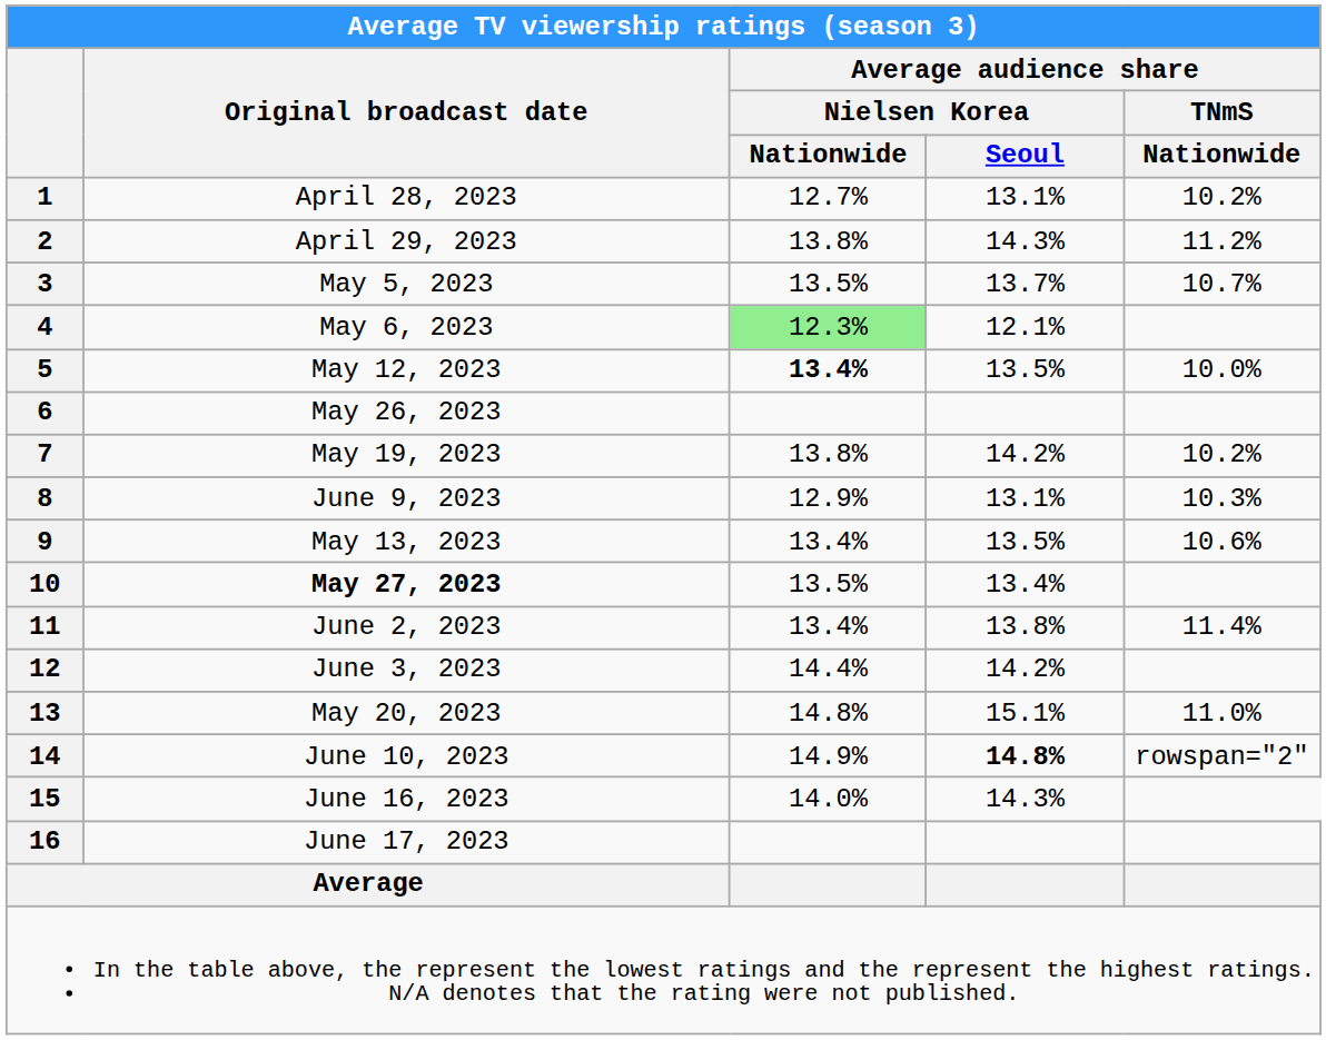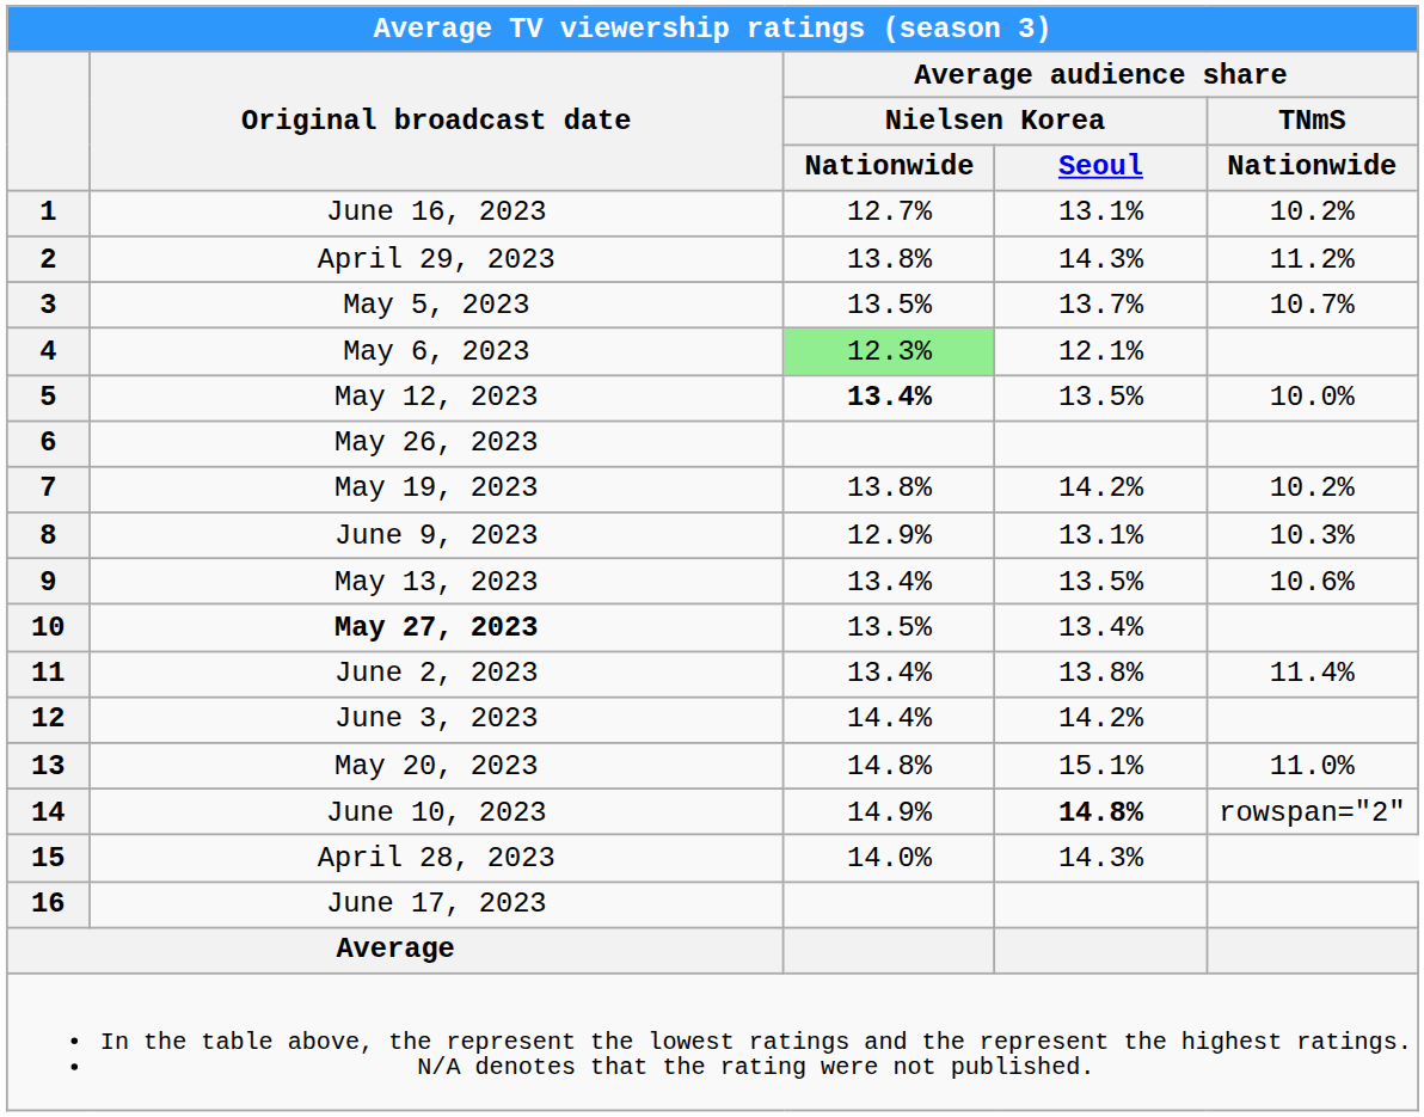 <table role="presentation" class="wikitable mw-collapsible mw-collapsed" style="text-align:center; max-width:650px; margin-left:auto; margin-right:auto; border:none">
 <tr>
 <th colspan="6" style="background:#2E97FC; color:white">Average TV viewership ratings (season 3)</th>
 </tr>
 <tr>
 <th scope="col" rowspan="3"></th>
 <th scope="col" rowspan="3">Original broadcast date</th>
 <th scope="col" colspan="3">Average audience share</th>
 </tr>
 <tr>
 <th scope="col" colspan="2">Nielsen Korea</th>
 <th scope="col">TNmS</th>
 </tr>
 <tr>
 <th scope="col" style="width:7em">Nationwide</th>
 <th scope="col" style="width:7em"><a href='#'>Seoul</a></th>
 <th scope="col" style="width:7em">Nationwide</th>
 </tr>
 <tr>
 <th scope="col">1</th>
-<td>April 28, 2023</td>
+<td>June 16, 2023</td>
 <td>12.7% </td>
 <td>13.1% </td>
 <td>10.2% </td>
 </tr>
 <tr>
 <th scope="col">2</th>
 <td>April 29, 2023</td>
 <td>13.8% </td>
 <td>14.3% </td>
 <td>11.2% </td>
 </tr>
 <tr>
 <th scope="col">3</th>
 <td>May 5, 2023</td>
 <td>13.5% </td>
 <td>13.7% </td>
 <td>10.7% </td>
 </tr>
 <tr>
 <th scope="col">4</th>
 <td>May 6, 2023</td>
 <td style="background: lightgreen;">12.3% </td>
 <td>12.1% </td>
 <td></td>
 </tr>
 <tr>
 <th scope="col">5</th>
 <td>May 12, 2023</td>
 <td><strong>13.4% </strong></td>
 <td>13.5% </td>
 <td>10.0% </td>
 </tr>
 <tr>
 <th scope="col">6</th>
 <td>May 26, 2023</td>
 <td><strong></strong> </td>
 <td><strong></strong> </td>
 <td><strong></strong> </td>
 </tr>
 <tr>
 <th scope="col">7</th>
 <td>May 19, 2023</td>
 <td>13.8% </td>
 <td>14.2% </td>
 <td>10.2% </td>
 </tr>
 <tr>
 <th scope="col">8</th>
 <td>June 9, 2023</td>
 <td>12.9% </td>
 <td>13.1% </td>
 <td>10.3% </td>
 </tr>
 <tr>
 <th scope="col">9</th>
 <td>May 13, 2023</td>
 <td>13.4% </td>
 <td>13.5% </td>
 <td>10.6% </td>
 </tr>
 <tr>
 <th scope="col">10</th>
 <td><strong>May 27, 2023</strong></td>
 <td>13.5% </td>
 <td>13.4% </td>
 <td></td>
 </tr>
 <tr>
 <th scope="col">11</th>
 <td>June 2, 2023</td>
 <td>13.4% </td>
 <td>13.8% </td>
 <td>11.4% </td>
 </tr>
 <tr>
 <th scope="col">12</th>
 <td>June 3, 2023</td>
 <td>14.4% </td>
 <td>14.2% </td>
 <td></td>
 </tr>
 <tr>
 <th scope="col">13</th>
 <td>May 20, 2023</td>
 <td>14.8% </td>
 <td>15.1% </td>
 <td>11.0% </td>
 </tr>
 <tr>
 <th scope="col">14</th>
 <td>June 10, 2023</td>
 <td>14.9% </td>
 <td><strong>14.8% </strong></td>
 <td>rowspan="2" </td>
 </tr>
 <tr>
 <th scope="col">15</th>
-<td>June 16, 2023</td>
+<td>April 28, 2023</td>
 <td>14.0% </td>
 <td>14.3% </td>
 </tr>
 <tr>
 <th scope="col">16</th>
 <td>June 17, 2023</td>
 <td><strong></strong> </td>
 <td><strong></strong> </td>
 <td><strong></strong> </td>
 </tr>
 <tr>
 <th scope="col" colspan="2">Average</th>
 <th scope="col"></th>
 <th scope="col"></th>
 <th scope="col"></th>
 </tr>
 <tr>
 <td colspan="6" style="font-size:85%"><br><ul><li>In the table above, the <strong></strong> represent the lowest ratings and the <strong></strong> represent the highest ratings.</li><li>N/A denotes that the rating were not published.</li></ul></td>
 </tr>
 </table>
